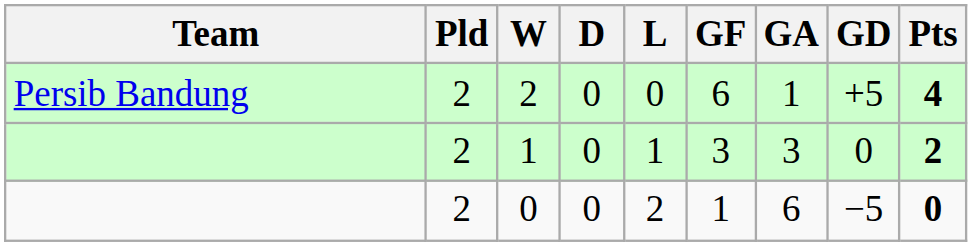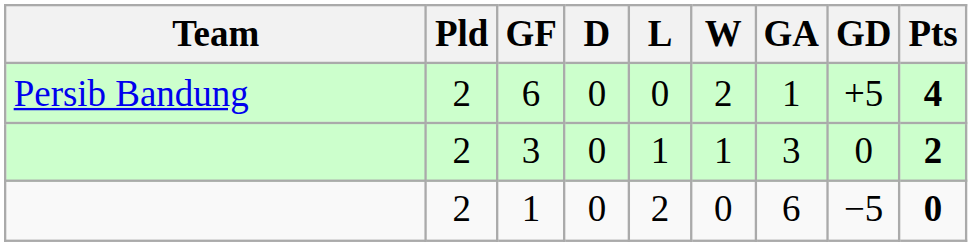 <table class="wikitable" style="text-align: center;">
 <tr>
 <th width=175>Team</th>
 <th width=20>Pld</th>
-<th width=20>W</th>
+<th width=20>GF</th>
 <th width=20>D</th>
 <th width=20>L</th>
-<th width=20>GF</th>
+<th width=20>W</th>
 <th width=20>GA</th>
 <th width=20>GD</th>
 <th width=20>Pts</th>
 </tr>
 <tr bgcolor=ccffcc>
 <td style="text-align:left;"> <a href='#'>Persib Bandung</a></td>
 <td>2</td>
-<td>2</td>
+<td>6</td>
 <td>0</td>
 <td>0</td>
-<td>6</td>
+<td>2</td>
 <td>1</td>
 <td>+5</td>
 <td><strong>4</strong></td>
 </tr>
 <tr bgcolor=ccffcc>
 <td style="text-align:left;"></td>
 <td>2</td>
-<td>1</td>
+<td>3</td>
 <td>0</td>
 <td>1</td>
-<td>3</td>
+<td>1</td>
 <td>3</td>
 <td>0</td>
 <td><strong>2</strong></td>
 </tr>
 <tr>
 <td style="text-align:left;"></td>
 <td>2</td>
-<td>0</td>
+<td>1</td>
 <td>0</td>
 <td>2</td>
-<td>1</td>
+<td>0</td>
 <td>6</td>
 <td>−5</td>
 <td><strong>0</strong></td>
 </tr>
 </table>
